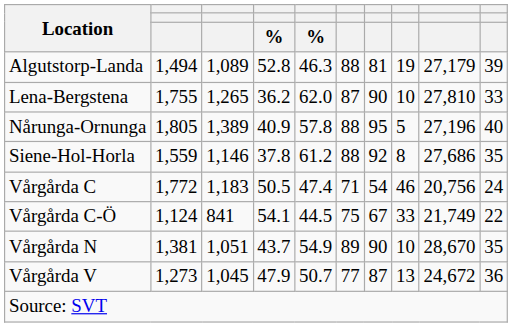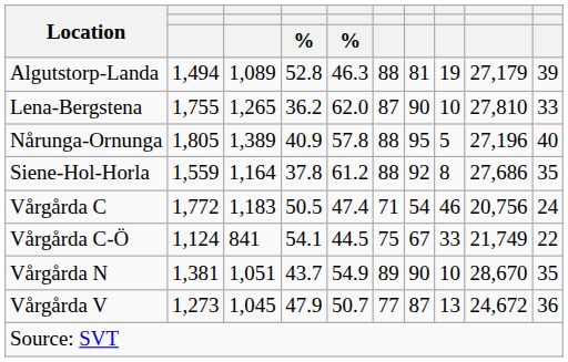 <table role="presentation" class="wikitable sortable mw-collapsible">
 <tr>
 <th rowspan="3">Location</th>
 <th></th>
 <th></th>
 <th></th>
 <th></th>
 <th></th>
 <th></th>
 <th></th>
 <th></th>
 <th></th>
 </tr>
 <tr>
 <th></th>
 <th></th>
 <th style="background:"></th>
 <th style="background:"></th>
 <th></th>
 <th></th>
 <th></th>
 <th></th>
 <th></th>
 </tr>
 <tr>
 <th data-sort-type="number"></th>
 <th data-sort-type="number"></th>
 <th data-sort-type="number">%</th>
 <th data-sort-type="number">%</th>
 <th data-sort-type="number"></th>
 <th data-sort-type="number"></th>
 <th data-sort-type="number"></th>
 <th data-sort-type="number"></th>
 <th data-sort-type="number"></th>
 </tr>
 <tr>
 <td align="left">Algutstorp-Landa</td>
 <td>1,494</td>
 <td>1,089</td>
 <td>52.8</td>
 <td>46.3</td>
 <td>88</td>
 <td>81</td>
 <td>19</td>
 <td>27,179</td>
 <td>39</td>
 </tr>
 <tr>
 <td align="left">Lena-Bergstena</td>
 <td>1,755</td>
 <td>1,265</td>
 <td>36.2</td>
 <td>62.0</td>
 <td>87</td>
 <td>90</td>
 <td>10</td>
 <td>27,810</td>
 <td>33</td>
 </tr>
 <tr>
 <td align="left">Nårunga-Ornunga</td>
 <td>1,805</td>
 <td>1,389</td>
 <td>40.9</td>
 <td>57.8</td>
 <td>88</td>
 <td>95</td>
 <td>5</td>
 <td>27,196</td>
 <td>40</td>
 </tr>
 <tr>
 <td align="left">Siene-Hol-Horla</td>
 <td>1,559</td>
-<td>1,146</td>
+<td>1,164</td>
 <td>37.8</td>
 <td>61.2</td>
 <td>88</td>
 <td>92</td>
 <td>8</td>
 <td>27,686</td>
 <td>35</td>
 </tr>
 <tr>
 <td align="left">Vårgårda C</td>
 <td>1,772</td>
 <td>1,183</td>
 <td>50.5</td>
 <td>47.4</td>
 <td>71</td>
 <td>54</td>
 <td>46</td>
 <td>20,756</td>
 <td>24</td>
 </tr>
 <tr>
 <td align="left">Vårgårda C-Ö</td>
 <td>1,124</td>
 <td>841</td>
 <td>54.1</td>
 <td>44.5</td>
 <td>75</td>
 <td>67</td>
 <td>33</td>
 <td>21,749</td>
 <td>22</td>
 </tr>
 <tr>
 <td align="left">Vårgårda N</td>
 <td>1,381</td>
 <td>1,051</td>
 <td>43.7</td>
 <td>54.9</td>
 <td>89</td>
 <td>90</td>
 <td>10</td>
 <td>28,670</td>
 <td>35</td>
 </tr>
 <tr>
 <td align="left">Vårgårda V</td>
 <td>1,273</td>
 <td>1,045</td>
 <td>47.9</td>
 <td>50.7</td>
 <td>77</td>
 <td>87</td>
 <td>13</td>
 <td>24,672</td>
 <td>36</td>
 </tr>
 <tr>
 <td colspan="10" align="left">Source: <a href='#'>SVT</a></td>
 </tr>
 </table>
